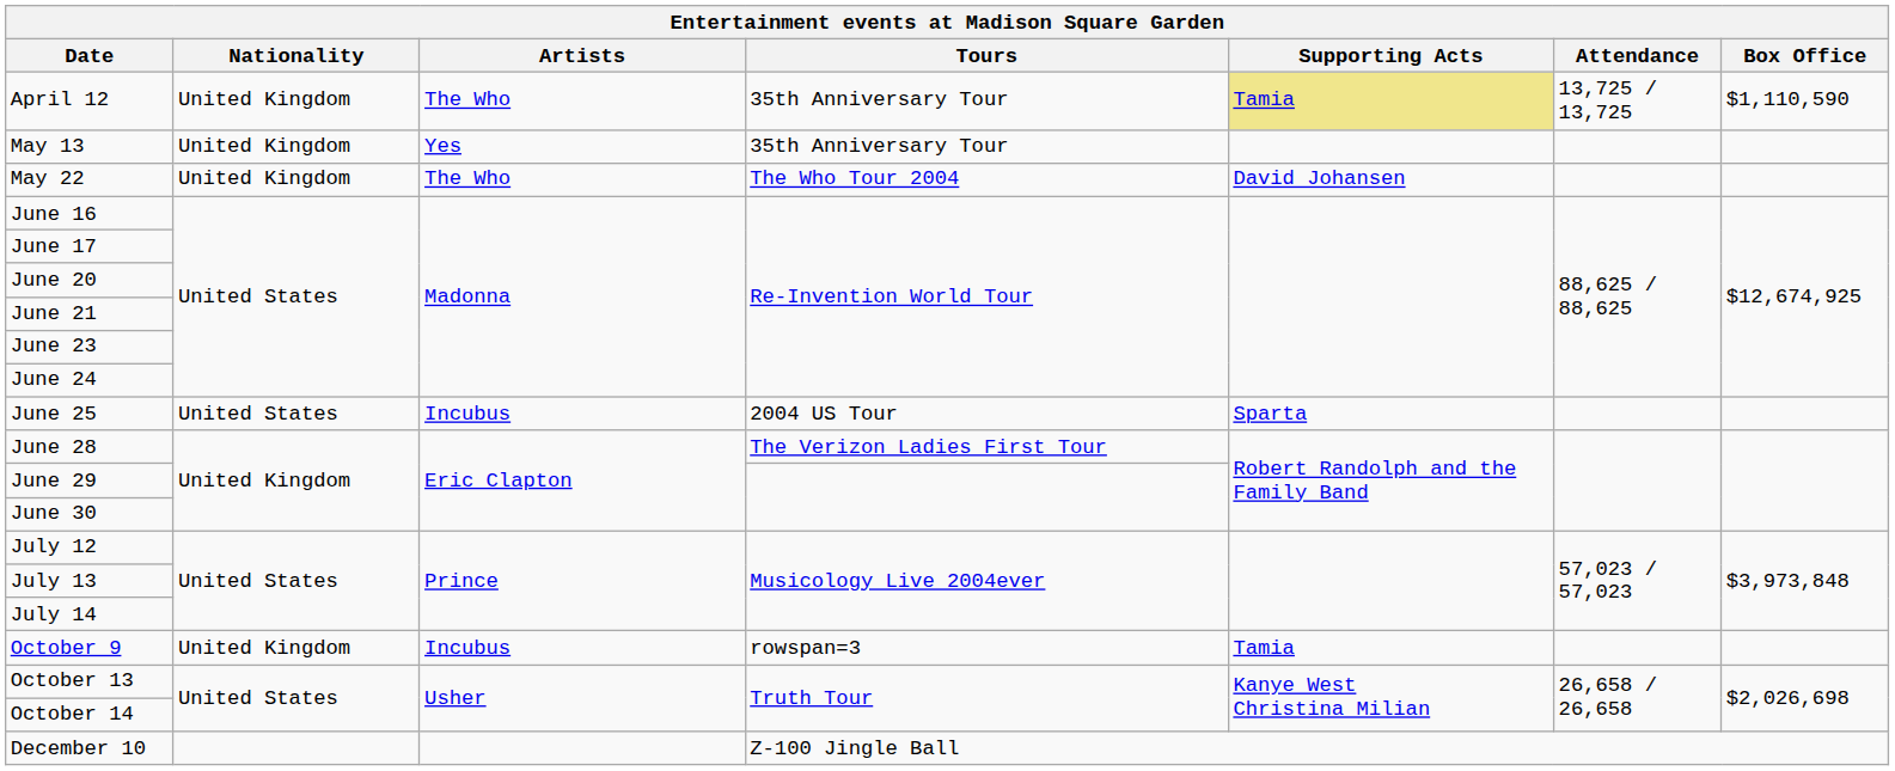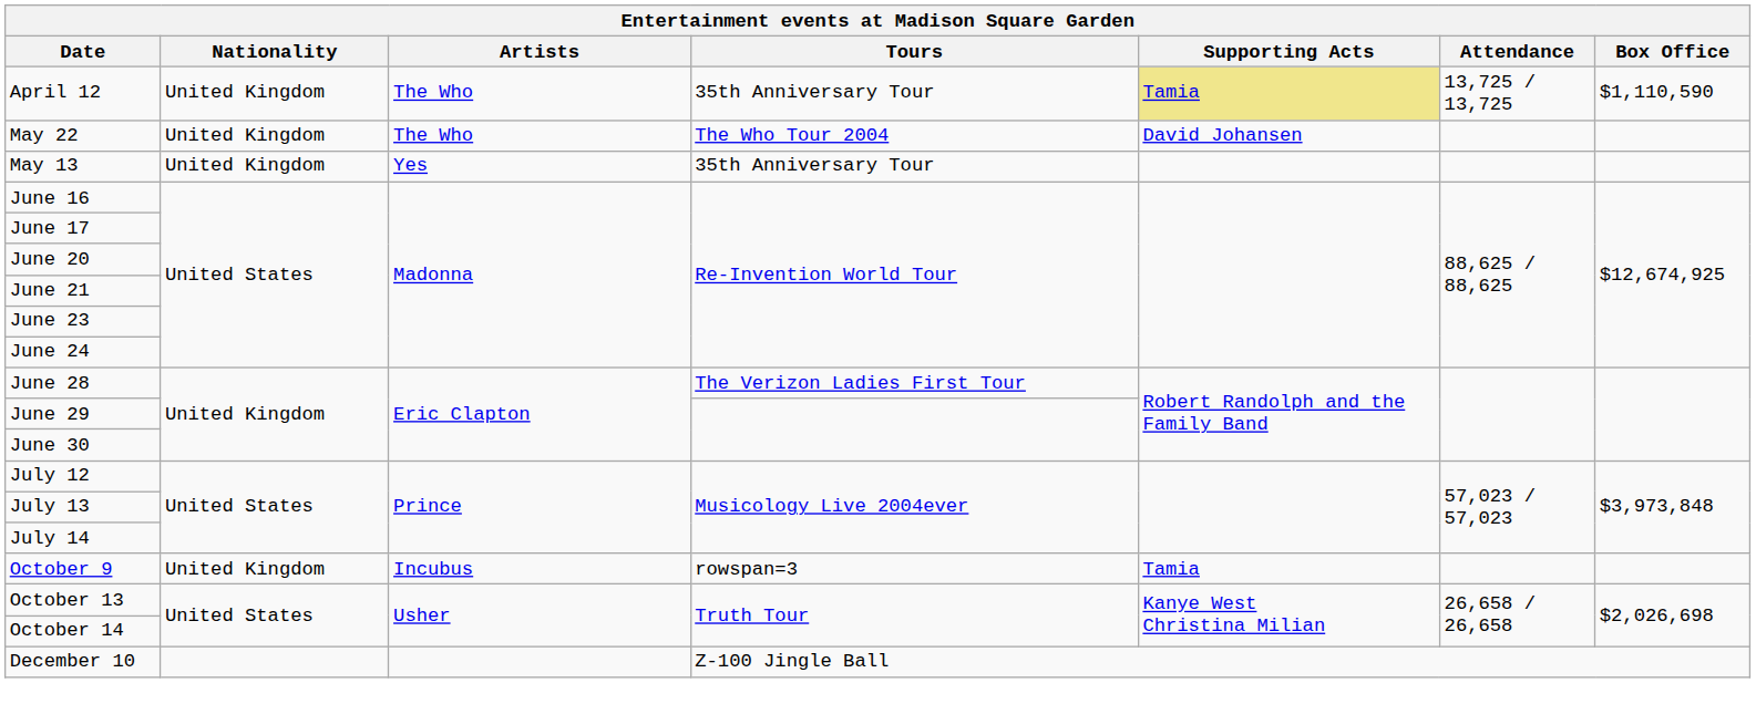 <table class="wikitable">
 <tr>
 <th colspan="7">Entertainment events at Madison Square Garden</th>
 </tr>
 <tr>
 <th width=100>Date</th>
 <th width=150>Nationality</th>
 <th width=200>Artists</th>
 <th width=300>Tours</th>
 <th width=200>Supporting Acts</th>
 <th width=100>Attendance</th>
 <th width=100>Box Office</th>
 </tr>
 <tr>
 <td>April 12</td>
 <td>United Kingdom</td>
 <td><a href='#'>The Who</a></td>
 <td>35th Anniversary Tour</td>
 <td style="background: khaki;"><a href='#'>Tamia</a></td>
 <td>13,725 / 13,725</td>
 <td>$1,110,590</td>
 </tr>
 <tr>
+<td>May 22</td>
+<td>United Kingdom</td>
+<td><a href='#'>The Who</a></td>
+<td><a href='#'>The Who Tour 2004</a></td>
+<td><a href='#'>David Johansen</a></td>
+<td></td>
+<td></td>
+</tr>
+<tr>
 <td>May 13</td>
 <td>United Kingdom</td>
 <td><a href='#'>Yes</a></td>
 <td>35th Anniversary Tour</td>
 <td></td>
-<td></td>
-<td></td>
-</tr>
-<tr>
-<td>May 22</td>
-<td>United Kingdom</td>
-<td><a href='#'>The Who</a></td>
-<td><a href='#'>The Who Tour 2004</a></td>
-<td><a href='#'>David Johansen</a></td>
 <td></td>
 <td></td>
 </tr>
 <tr>
 <td>June 16</td>
 <td rowspan=6>United States</td>
 <td rowspan=6><a href='#'>Madonna</a></td>
 <td rowspan=6><a href='#'>Re-Invention World Tour</a></td>
 <td rowspan=6></td>
 <td rowspan=6>88,625 / 88,625</td>
 <td rowspan=6>$12,674,925</td>
 </tr>
 <tr>
 <td>June 17</td>
 </tr>
 <tr>
 <td>June 20</td>
 </tr>
 <tr>
 <td>June 21</td>
 </tr>
 <tr>
 <td>June 23</td>
 </tr>
 <tr>
 <td>June 24</td>
-</tr>
-<tr>
-<td>June 25</td>
-<td>United States</td>
-<td><a href='#'>Incubus</a></td>
-<td>2004 US Tour</td>
-<td><a href='#'>Sparta</a></td>
-<td></td>
-<td></td>
 </tr>
 <tr>
 <td>June 28</td>
 <td rowspan=3>United Kingdom</td>
 <td rowspan=3><a href='#'>Eric Clapton</a></td>
 <td><a href='#'>The Verizon Ladies First Tour</a></td>
 <td rowspan=3><a href='#'>Robert Randolph and the Family Band</a></td>
 <td rowspan=3></td>
 <td rowspan=3></td>
 </tr>
 <tr>
 <td>June 29</td>
 </tr>
 <tr>
 <td>June 30</td>
 </tr>
 <tr>
 <td>July 12</td>
 <td rowspan=3>United States</td>
 <td rowspan=3><a href='#'>Prince</a></td>
 <td rowspan=3><a href='#'>Musicology Live 2004ever</a></td>
 <td rowspan=3></td>
 <td rowspan=3>57,023 / 57,023</td>
 <td rowspan=3>$3,973,848</td>
 </tr>
 <tr>
 <td>July 13</td>
 </tr>
 <tr>
 <td>July 14</td>
 </tr>
 <tr>
 <td><a href='#'>October 9</a></td>
 <td>United Kingdom</td>
 <td><a href='#'>Incubus</a></td>
 <td>rowspan=3 </td>
 <td><a href='#'>Tamia</a></td>
 <td></td>
 </tr>
 <tr>
 <td>October 13</td>
 <td rowspan=2>United States</td>
 <td rowspan=2><a href='#'>Usher</a></td>
 <td rowspan=2><a href='#'>Truth Tour</a></td>
 <td rowspan=2><a href='#'>Kanye West</a><br><a href='#'>Christina Milian</a></td>
 <td rowspan=2>26,658 / 26,658</td>
 <td rowspan=2>$2,026,698</td>
 </tr>
 <tr>
 <td>October 14</td>
 </tr>
 <tr>
 <td>December 10</td>
 <td></td>
 <td></td>
 <td colspan="4">Z-100 Jingle Ball</td>
 </tr>
 </table>
